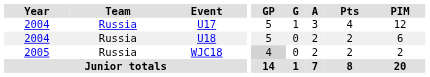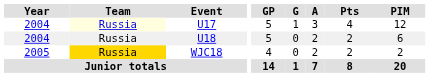 <table border="0" cellpadding="1" cellspacing="0" ID="Table3" style="text-align:center; width:40em">
 <tr ALIGN="center" bgcolor="#e0e0e0">
 <th>Year</th>
 <th>Team</th>
 <th>Event</th>
 <th rowspan="99" bgcolor="#ffffff"></th>
 <th>GP</th>
 <th>G</th>
 <th>A</th>
 <th>Pts</th>
 <th>PIM</th>
 </tr>
 <tr>
 <td><a href='#'>2004</a></td>
-<td><a href='#'>Russia</a></td>
+<td style="background: lightyellow;"><a href='#'>Russia</a></td>
 <td><a href='#'>U17</a></td>
 <td>5</td>
 <td>1</td>
 <td>3</td>
 <td>4</td>
 <td>12</td>
 </tr>
 <tr bgcolor="#f0f0f0">
 <td><a href='#'>2004</a></td>
 <td>Russia</td>
 <td><a href='#'>U18</a></td>
 <td>5</td>
 <td>0</td>
 <td>2</td>
 <td>2</td>
 <td>6</td>
 </tr>
 <tr>
 <td><a href='#'>2005</a></td>
-<td>Russia</td>
+<td style="background: gold;">Russia</td>
 <td><a href='#'>WJC18</a></td>
-<td style="background: lightgrey;">4</td>
+<td>4</td>
 <td>0</td>
 <td>2</td>
 <td>2</td>
 <td>2</td>
 </tr>
 <tr bgcolor="#e0e0e0">
 <th colspan="3">Junior totals</th>
 <th>14</th>
 <th>1</th>
 <th>7</th>
 <th>8</th>
 <th>20</th>
 </tr>
 </table>
